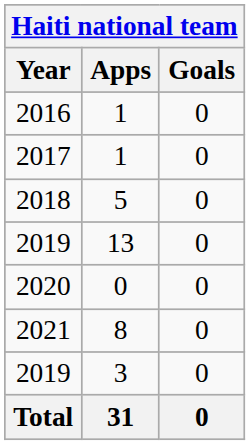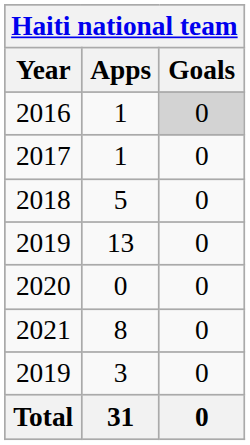 <table class="wikitable" style="text-align:center">
 <tr>
 <th colspan=3><a href='#'>Haiti national team</a></th>
 </tr>
 <tr>
 <th>Year</th>
 <th>Apps</th>
 <th>Goals</th>
 </tr>
 <tr>
 <td>2016</td>
 <td>1</td>
-<td>0</td>
+<td style="background: lightgrey;">0</td>
 </tr>
 <tr>
 <td>2017</td>
 <td>1</td>
 <td>0</td>
 </tr>
 <tr>
 <td>2018</td>
 <td>5</td>
 <td>0</td>
 </tr>
 <tr>
 <td>2019</td>
 <td>13</td>
 <td>0</td>
 </tr>
 <tr>
 <td>2020</td>
 <td>0</td>
 <td>0</td>
 </tr>
 <tr>
 <td>2021</td>
 <td>8</td>
 <td>0</td>
 </tr>
 <tr>
 <td>2019</td>
 <td>3</td>
 <td>0</td>
 </tr>
 <tr>
 <th>Total</th>
 <th>31</th>
 <th>0</th>
 </tr>
 </table>
